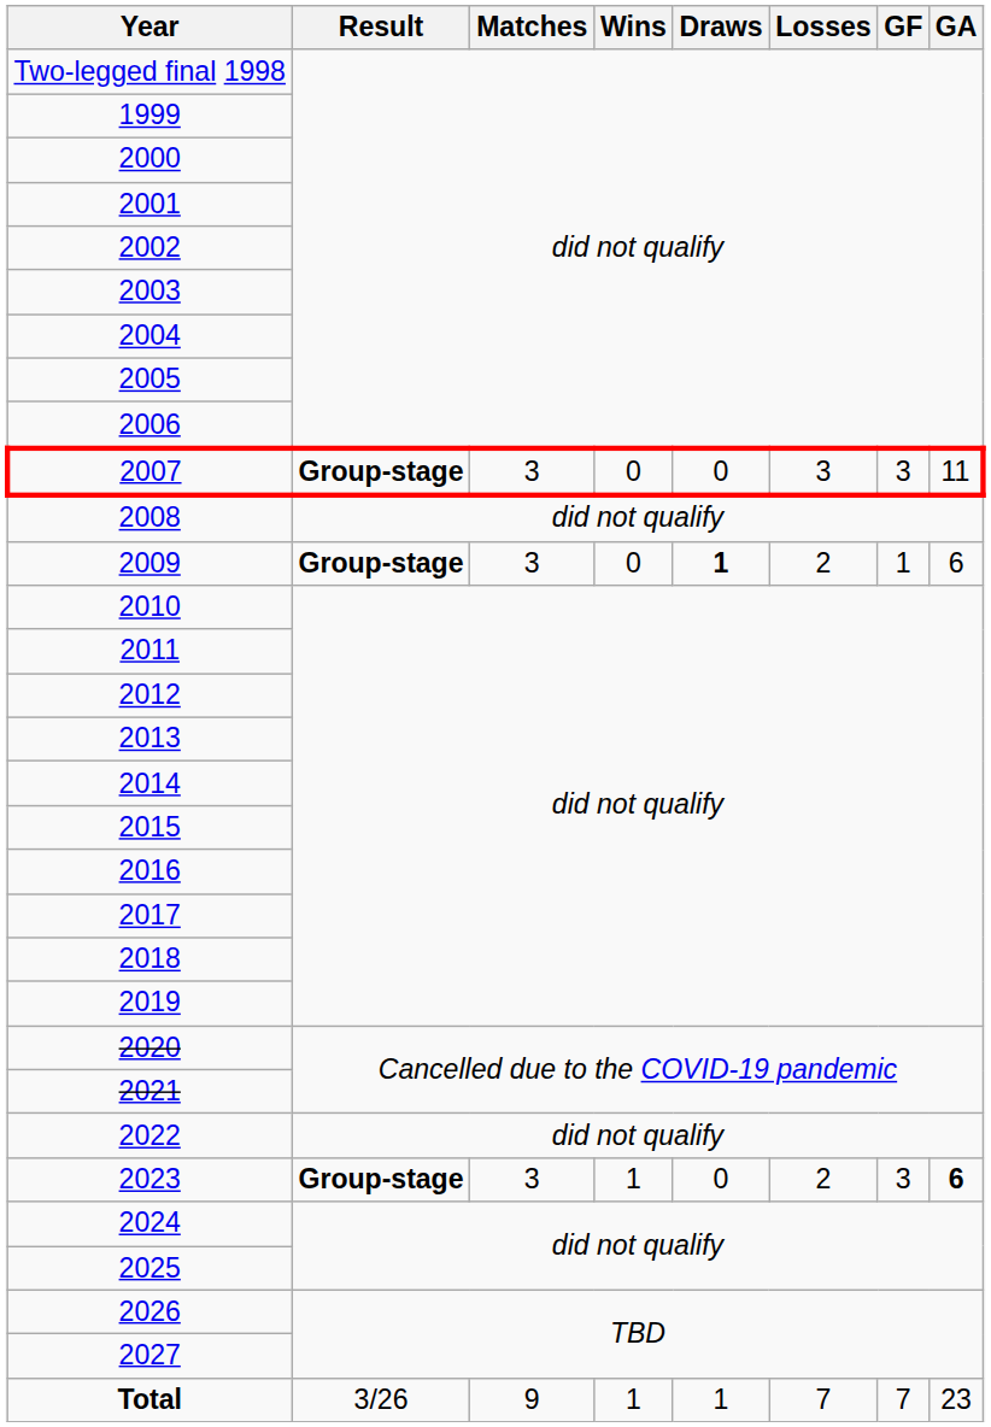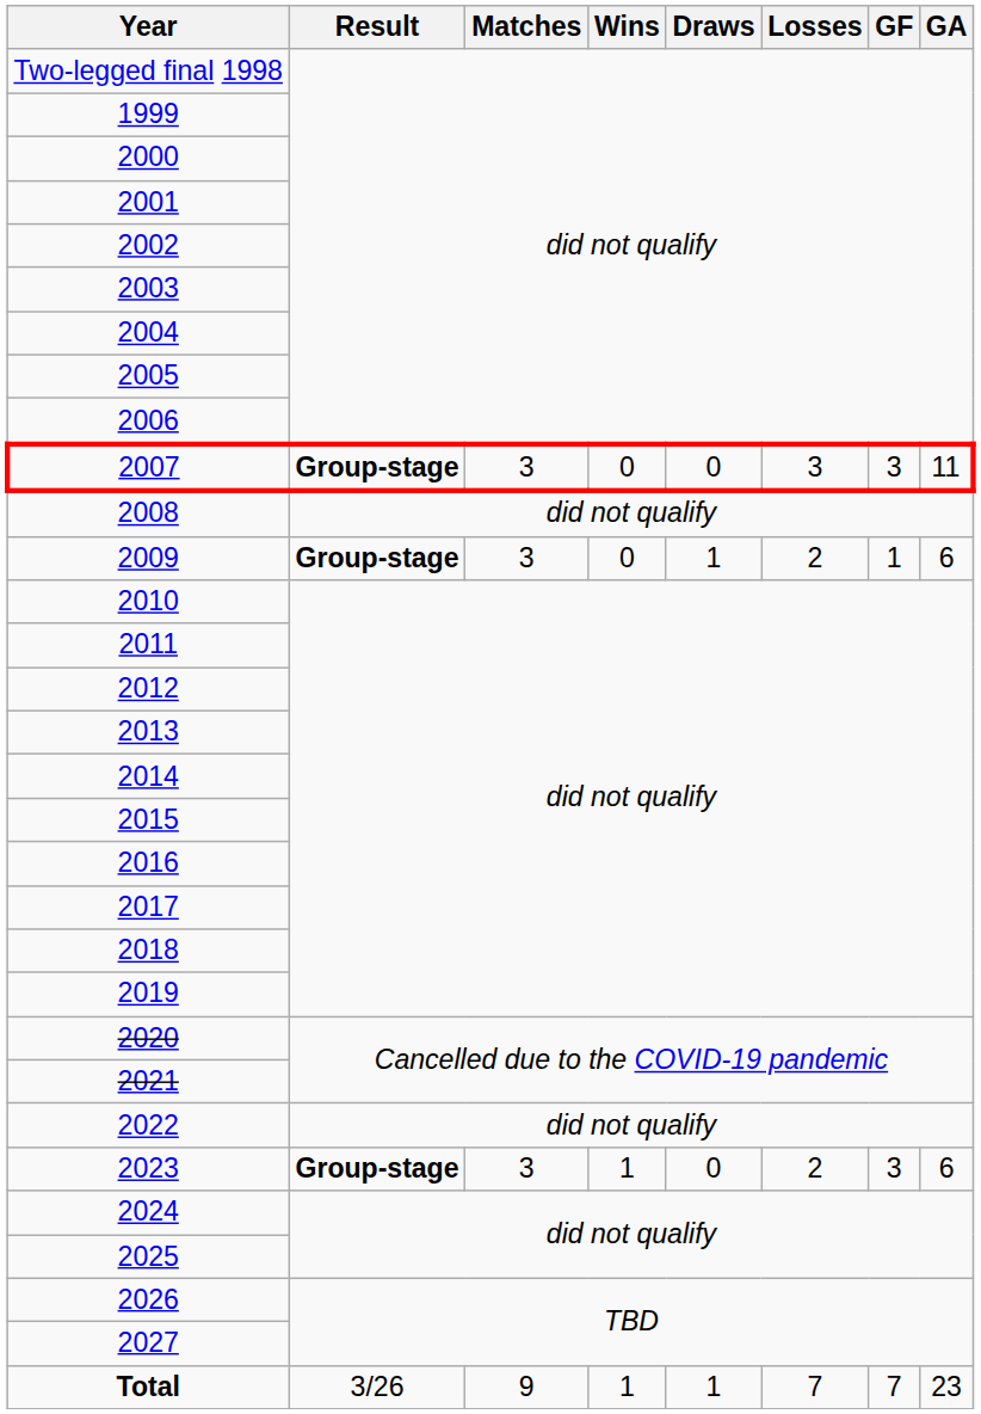 <table class="wikitable" style="text-align: center;">
 <tr>
 <th>Year</th>
 <th>Result</th>
 <th>Matches</th>
 <th>Wins</th>
 <th>Draws</th>
 <th>Losses</th>
 <th>GF</th>
 <th>GA</th>
 </tr>
 <tr>
 <td><a href='#'>Two-legged final</a> <a href='#'>1998</a></td>
 <td colspan=7 rowspan=9><em>did not qualify</em></td>
 </tr>
 <tr>
 <td> <a href='#'>1999</a></td>
 </tr>
 <tr>
 <td> <a href='#'>2000</a></td>
 </tr>
 <tr>
 <td> <a href='#'>2001</a></td>
 </tr>
 <tr>
 <td> <a href='#'>2002</a></td>
 </tr>
 <tr>
 <td> <a href='#'>2003</a></td>
 </tr>
 <tr>
 <td> <a href='#'>2004</a></td>
 </tr>
 <tr>
 <td> <a href='#'>2005</a></td>
 </tr>
 <tr>
 <td> <a href='#'>2006</a></td>
 </tr>
 <tr style="border: 3px solid red">
 <td> <a href='#'>2007</a></td>
 <td><strong>Group-stage</strong></td>
 <td>3</td>
 <td>0</td>
 <td>0</td>
 <td>3</td>
 <td>3</td>
 <td>11</td>
 </tr>
 <tr>
 <td> <a href='#'>2008</a></td>
 <td colspan=7 rowspan=1><em>did not qualify</em></td>
 </tr>
 <tr>
 <td> <a href='#'>2009</a></td>
 <td><strong>Group-stage</strong></td>
 <td>3</td>
 <td>0</td>
-<td><strong>1</strong></td>
+<td>1</td>
 <td>2</td>
 <td>1</td>
 <td>6</td>
 </tr>
 <tr>
 <td> <a href='#'>2010</a></td>
 <td colspan=7 rowspan=10><em>did not qualify</em></td>
 </tr>
 <tr>
 <td> <a href='#'>2011</a></td>
 </tr>
 <tr>
 <td> <a href='#'>2012</a></td>
 </tr>
 <tr>
 <td> <a href='#'>2013</a></td>
 </tr>
 <tr>
 <td> <a href='#'>2014</a></td>
 </tr>
 <tr>
 <td> <a href='#'>2015</a></td>
 </tr>
 <tr>
 <td> <a href='#'>2016</a></td>
 </tr>
 <tr>
 <td> <a href='#'>2017</a></td>
 </tr>
 <tr>
 <td> <a href='#'>2018</a></td>
 </tr>
 <tr>
 <td> <a href='#'>2019</a></td>
 </tr>
 <tr>
 <td> <s><a href='#'>2020</a></s></td>
 <td colspan=7 rowspan=2><em>Cancelled due to the <a href='#'>COVID-19 pandemic</a></em></td>
 </tr>
 <tr>
 <td> <s><a href='#'>2021</a></s></td>
 </tr>
 <tr>
 <td> <a href='#'>2022</a></td>
 <td colspan=7 rowspan=1><em>did not qualify</em></td>
 </tr>
 <tr>
 <td> <a href='#'>2023</a></td>
 <td><strong>Group-stage</strong></td>
 <td>3</td>
 <td>1</td>
 <td>0</td>
 <td>2</td>
 <td>3</td>
-<td><strong>6</strong></td>
+<td>6</td>
 </tr>
 <tr>
 <td> <a href='#'>2024</a></td>
 <td colspan=8 rowspan=2><em>did not qualify</em></td>
 </tr>
 <tr>
 <td> <a href='#'>2025</a></td>
 </tr>
 <tr>
 <td> <a href='#'>2026</a></td>
 <td rowspan=2 colspan=8><em>TBD</em></td>
 </tr>
 <tr>
 <td> <a href='#'>2027</a></td>
 </tr>
 <tr>
 <td><strong>Total</strong></td>
 <td>3/26</td>
 <td>9</td>
 <td>1</td>
 <td>1</td>
 <td>7</td>
 <td>7</td>
 <td>23</td>
 </tr>
 </table>
